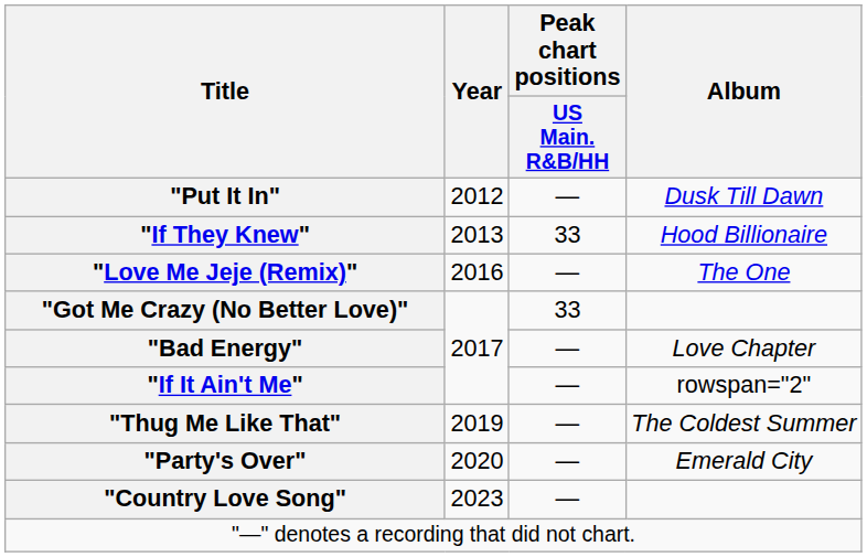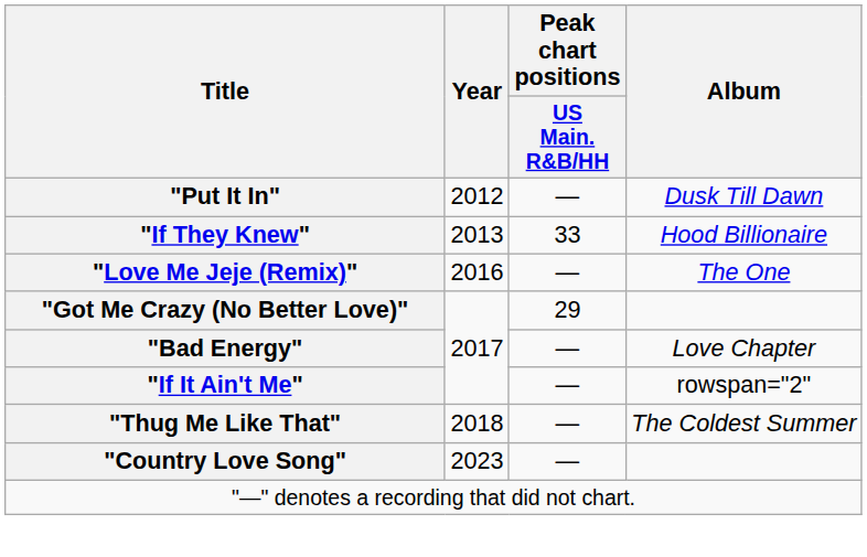 <table class="wikitable plainrowheaders" style="text-align:center">
 <tr>
 <th scope="col" rowspan="2" style="width:18em;">Title</th>
 <th scope="col" rowspan="2">Year</th>
 <th scope="col" colspan="1">Peak chart positions</th>
 <th scope="col" rowspan="2">Album</th>
 </tr>
 <tr>
 <th scope="col" style="width:2.5em;font-size:90%;"><a href='#'>US<br>Main. R&B/HH</a><br></th>
 </tr>
 <tr>
 <th scope="row">"Put It In"<br></th>
 <td>2012</td>
 <td>—</td>
 <td><em><a href='#'>Dusk Till Dawn</a></em></td>
 </tr>
 <tr>
 <th scope="row">"<a href='#'>If They Knew</a>"<br></th>
 <td>2013</td>
 <td>33</td>
 <td><em><a href='#'>Hood Billionaire</a></em></td>
 </tr>
 <tr>
 <th scope="row">"<a href='#'>Love Me Jeje (Remix)</a>"<br></th>
 <td>2016</td>
 <td>—</td>
 <td><em><a href='#'>The One</a></em></td>
 </tr>
 <tr>
 <th scope="row">"Got Me Crazy (No Better Love)" <br></th>
 <td rowspan="3">2017</td>
-<td>33</td>
+<td>29</td>
 </tr>
 <tr>
 <th scope="row">"Bad Energy" <br></th>
 <td>—</td>
 <td><em>Love Chapter</em></td>
 </tr>
 <tr>
 <th scope="row">"<a href='#'>If It Ain't Me</a>" <br></th>
 <td>—</td>
 <td>rowspan="2" </td>
 </tr>
 <tr>
 <th scope="row">"Thug Me Like That"<br></th>
-<td>2019</td>
+<td>2018</td>
 <td>—</td>
 <td><em>The Coldest Summer</em></td>
-</tr>
-<tr>
-<th scope="row">"Party's Over"<br></th>
-<td>2020</td>
-<td>—</td>
-<td><em>Emerald City</em></td>
 </tr>
 <tr>
 <th scope="row">"Country Love Song" <br></th>
 <td>2023</td>
 <td>—</td>
 <td></td>
 </tr>
 <tr>
 <td colspan="4" style="font-size:90%">"—" denotes a recording that did not chart.</td>
 </tr>
 </table>
